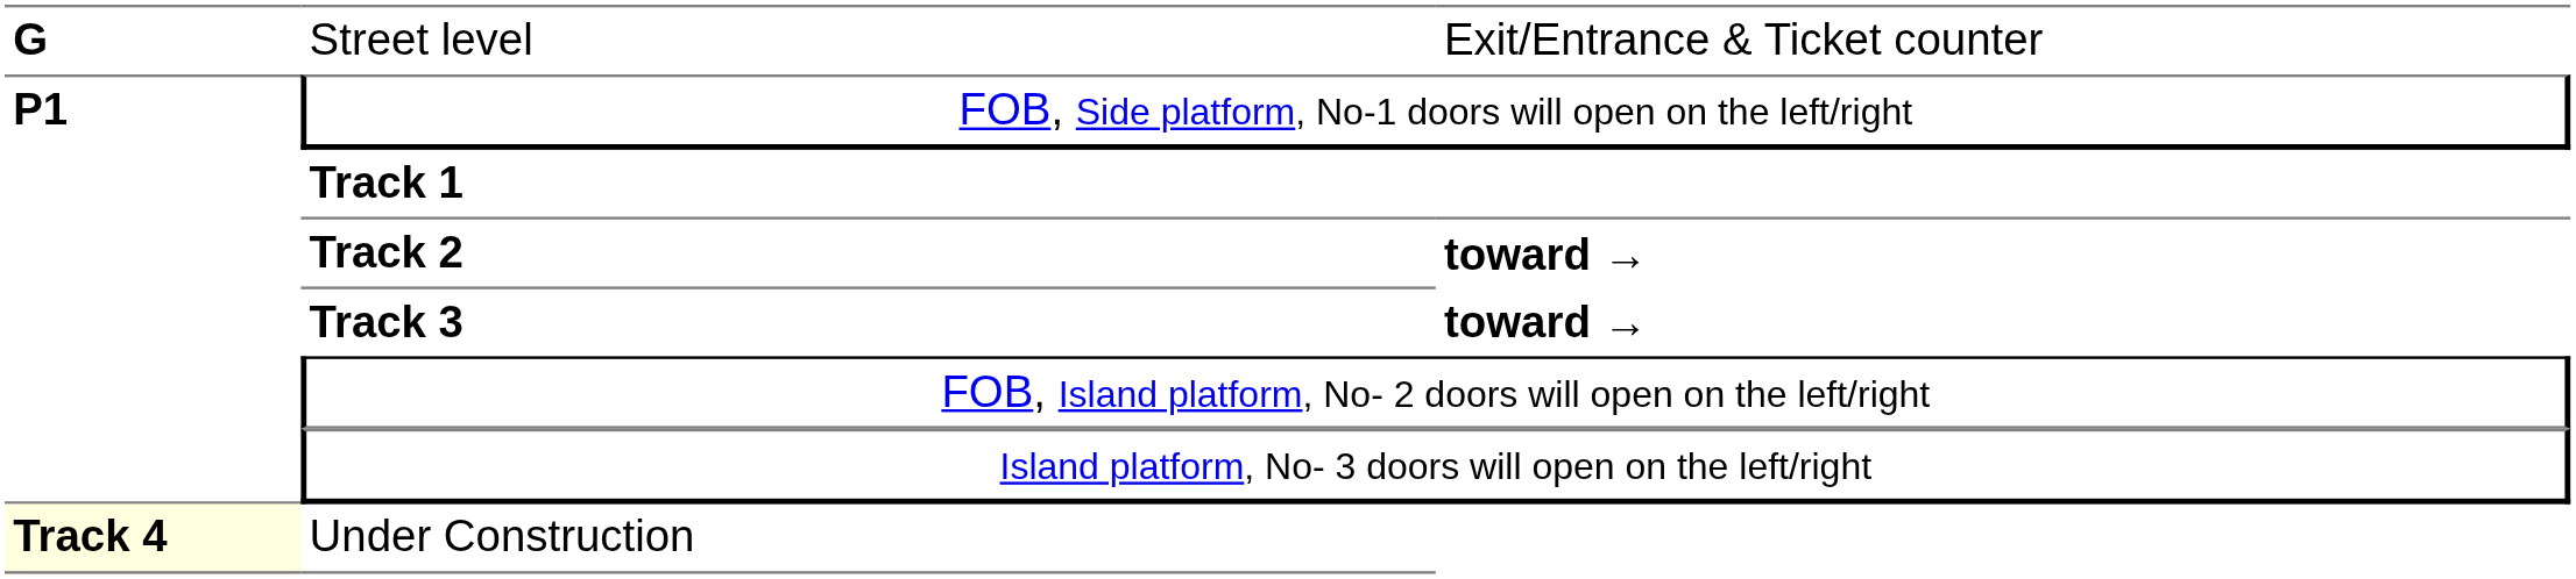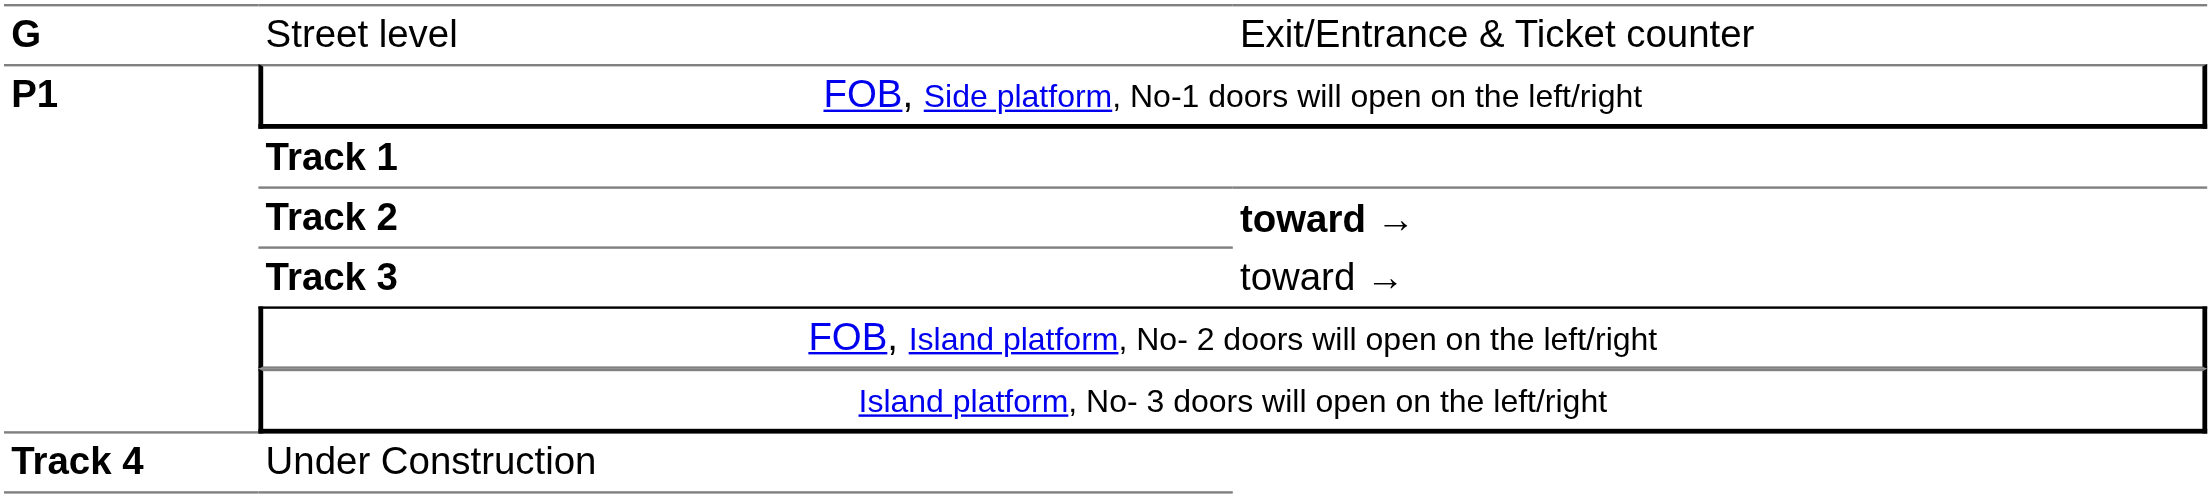 <table table border=0 cellspacing=0 cellpadding=3>
 <tr>
 <td style="border-top:solid 1px gray;" width=50 valign=top><strong>G</strong></td>
 <td style="border-top:solid 1px gray;" width=100 valign=top>Street level</td>
 <td style="border-top:solid 1px gray;" width=400 valign=top>Exit/Entrance & Ticket counter</td>
 </tr>
 <tr>
 <td style="border-top:solid 1px gray;border-bottom:solid 1px gray;" width=50 rowspan=6 valign=top><strong>P1</strong></td>
 <td style="border-top:solid 1px gray;border-right:solid 2px black;border-left:solid 2px black;border-bottom:solid 2px black;text-align:center;" colspan=2><a href='#'>FOB</a>, <small><a href='#'>Side platform</a>, No-1 doors will open on the left/right</small></td>
 </tr>
 <tr>
 <td style="border-bottom:solid 1px gray;" width=100><strong>Track 1</strong></td>
 <td style="border-bottom:solid 1px gray;" width=400></td>
 </tr>
 <tr>
 <td style="border-bottom:solid 1px gray;" width=100><strong>Track 2</strong></td>
 <td><strong>  toward →</strong></td>
 </tr>
 <tr>
 <td><strong>Track 3</strong></td>
-<td><strong>  toward →</strong></td>
+<td>  toward →</td>
 </tr>
 <tr>
 <td style="border-top:solid 1px black;border-right:solid 2px black;border-left:solid 2px black;border-bottom:solid 1px gray;text-align:center;" colspan=2><a href='#'>FOB</a>, <small><a href='#'>Island platform</a>, No- 2 doors will open on the left/right </small></td>
 </tr>
 <tr>
 <td style="border-top:solid 1px gray;border-right:solid 2px black;border-left:solid 2px black;border-bottom:solid 2px black;text-align:center;" colspan=2><small><a href='#'>Island platform</a>, No- 3 doors will open on the left/right</small></td>
 </tr>
 <tr>
-<td style="background: lightyellow; border-bottom:solid 1px gray;" width=100><strong>Track 4</strong></td>
+<td style="border-bottom:solid 1px gray;" width=100><strong>Track 4</strong></td>
 <td style="border-bottom:solid 1px gray;" width=400>Under Construction</td>
 </tr>
 </table>
